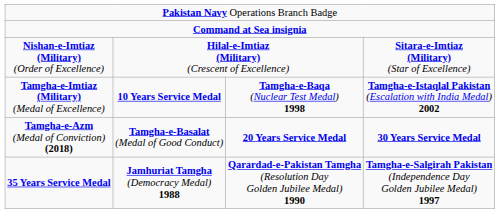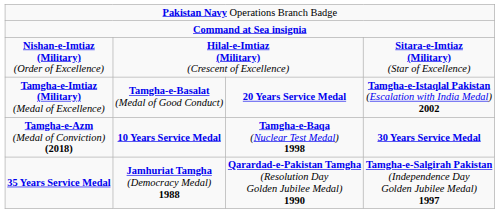 <table class="wikitable" style="margin:1em auto; text-align:center;">
 <tr>
 <td colspan="4"><strong><a href='#'>Pakistan Navy</a></strong> Operations Branch Badge</td>
 </tr>
 <tr>
 <td colspan="4"><strong><a href='#'>Command at Sea insignia</a></strong></td>
 </tr>
 <tr>
 <td><strong><a href='#'>Nishan-e-Imtiaz</a></strong><br><strong><a href='#'>(Military)</a></strong><br><em>(Order of Excellence)</em></td>
 <td colspan="2"><strong><a href='#'>Hilal-e-Imtiaz</a></strong><br><strong><a href='#'>(Military)</a></strong><br><em>(Crescent of Excellence)</em></td>
 <td colspan="2"><strong><a href='#'>Sitara-e-Imtiaz</a></strong><br><strong><a href='#'>(Military)</a></strong><br><em>(Star of Excellence)</em></td>
 </tr>
 <tr>
 <td><strong><a href='#'>Tamgha-e-Imtiaz</a></strong><br><strong><a href='#'>(Military)</a></strong><br><em>(Medal of Excellence)</em></td>
-<td><strong><a href='#'>10 Years Service Medal</a></strong></td>
-<td><strong><a href='#'>Tamgha-e-Baqa</a></strong><br><em>(<a href='#'>Nuclear Test Medal</a>)</em><br><strong>1998</strong></td>
+<td><strong><a href='#'>Tamgha-e-Basalat</a></strong><br><em>(Medal of Good Conduct)</em></td>
+<td><strong><a href='#'>20 Years Service Medal</a></strong></td>
 <td><strong><a href='#'>Tamgha-e-Istaqlal Pakistan</a></strong><br><em>(<a href='#'>Escalation with India Medal</a>)</em><br><strong>2002</strong></td>
 </tr>
 <tr>
 <td><strong><a href='#'>Tamgha-e-Azm</a></strong><br><em>(Medal of Conviction)</em><br><strong>(2018)</strong></td>
-<td><strong><a href='#'>Tamgha-e-Basalat</a></strong><br><em>(Medal of Good Conduct)</em></td>
-<td><strong><a href='#'>20 Years Service Medal</a></strong></td>
+<td><strong><a href='#'>10 Years Service Medal</a></strong></td>
+<td><strong><a href='#'>Tamgha-e-Baqa</a></strong><br><em>(<a href='#'>Nuclear Test Medal</a>)</em><br><strong>1998</strong></td>
 <td><strong><a href='#'>30 Years Service Medal</a></strong></td>
 </tr>
 <tr>
 <td><strong><a href='#'>35 Years Service Medal</a></strong></td>
 <td><strong><a href='#'>Jamhuriat Tamgha</a></strong><br><em>(Democracy Medal)</em><br><strong>1988</strong></td>
 <td><strong><a href='#'>Qarardad-e-Pakistan Tamgha</a></strong><br><em>(Resolution Day</em><br><em>Golden Jubilee Medal)</em><br><strong>1990</strong></td>
 <td><strong><a href='#'>Tamgha-e-Salgirah Pakistan</a></strong><br><em>(Independence Day</em><br><em>Golden Jubilee Medal)</em><br><strong>1997</strong></td>
 </tr>
 </table>
